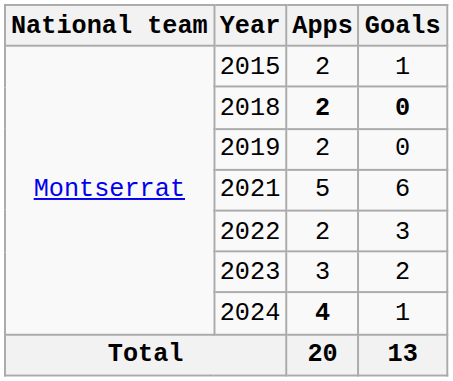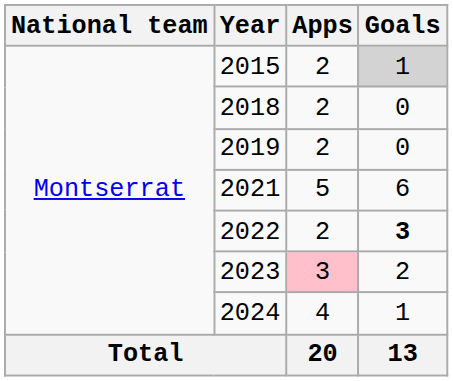 <table class="wikitable" style="text-align:center">
 <tr>
 <th>National team</th>
 <th>Year</th>
 <th>Apps</th>
 <th>Goals</th>
 </tr>
 <tr>
 <td rowspan="7"><a href='#'>Montserrat</a></td>
 <td>2015</td>
 <td>2</td>
-<td>1</td>
+<td style="background: lightgrey;">1</td>
 </tr>
 <tr>
 <td>2018</td>
-<td><strong>2</strong></td>
-<td><strong>0</strong></td>
+<td>2</td>
+<td>0</td>
 </tr>
 <tr>
 <td>2019</td>
 <td>2</td>
 <td>0</td>
 </tr>
 <tr>
 <td>2021</td>
 <td>5</td>
 <td>6</td>
 </tr>
 <tr>
 <td>2022</td>
 <td>2</td>
-<td>3</td>
+<td><strong>3</strong></td>
 </tr>
 <tr>
 <td>2023</td>
-<td>3</td>
+<td style="background: pink;">3</td>
 <td>2</td>
 </tr>
 <tr>
 <td>2024</td>
-<td><strong>4</strong></td>
+<td>4</td>
 <td>1</td>
 </tr>
 <tr>
 <th colspan="2">Total</th>
 <th>20</th>
 <th>13</th>
 </tr>
 </table>
